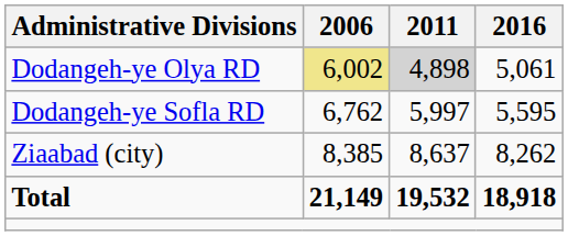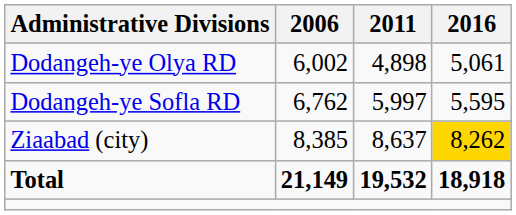 <table class="wikitable">
 <tr>
 <th>Administrative Divisions</th>
 <th>2006</th>
 <th>2011</th>
 <th>2016</th>
 </tr>
 <tr>
 <td><a href='#'>Dodangeh-ye Olya RD</a></td>
-<td style="background: khaki; text-align: right;">6,002</td>
-<td style="background: lightgrey; text-align: right;">4,898</td>
+<td style="text-align: right;">6,002</td>
+<td style="text-align: right;">4,898</td>
 <td style="text-align: right;">5,061</td>
 </tr>
 <tr>
 <td><a href='#'>Dodangeh-ye Sofla RD</a></td>
 <td style="text-align: right;">6,762</td>
 <td style="text-align: right;">5,997</td>
 <td style="text-align: right;">5,595</td>
 </tr>
 <tr>
 <td><a href='#'>Ziaabad</a> (city)</td>
 <td style="text-align: right;">8,385</td>
 <td style="text-align: right;">8,637</td>
-<td style="text-align: right;">8,262</td>
+<td style="background: gold; text-align: right;">8,262</td>
 </tr>
 <tr>
 <td><strong>Total</strong></td>
 <td style="text-align: right;"><strong>21,149</strong></td>
 <td style="text-align: right;"><strong>19,532</strong></td>
 <td style="text-align: right;"><strong>18,918</strong></td>
 </tr>
 <tr>
 <td colspan=4></td>
 </tr>
 </table>
